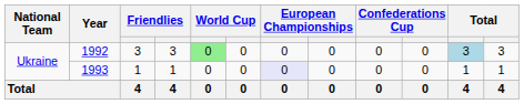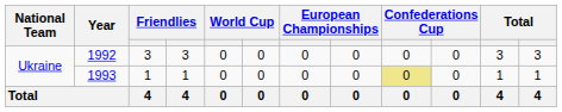 <table class="wikitable">
 <tr>
 <th style="width:80px;" rowspan="2">National<br>Team</th>
 <th style="width:60px;" rowspan="2">Year</th>
 <th style="width:80px;" colspan="2"><a href='#'>Friendlies</a></th>
 <th style="width:80px;" colspan="2"><a href='#'>World Cup</a></th>
 <th style="width:80px;" colspan="2"><a href='#'>European Championships</a></th>
 <th style="width:80px;" colspan="2"><a href='#'>Confederations Cup</a></th>
 <th style="width:80px;" colspan="2">Total</th>
 </tr>
 <tr style="text-align:center;">
 <th style="width:40px;" app></th>
 <th style="width:40px;" abbr="Goals against"></th>
 <th style="width:40px;" app></th>
 <th style="width:40px;" abbr="Goals against"></th>
 <th style="width:40px;" app></th>
 <th style="width:40px;" abbr="Goals against"></th>
 <th style="width:40px;" app></th>
 <th style="width:40px;" abbr="Goals against"></th>
 <th style="width:40px;" app></th>
 <th style="width:40px;" abbr="Goals against"></th>
 </tr>
 <tr style="text-align:center;">
 <td rowspan="2"><a href='#'>Ukraine</a></td>
 <td><a href='#'>1992</a></td>
 <td>3</td>
 <td>3</td>
-<td style="background: lightgreen;">0</td>
 <td>0</td>
 <td>0</td>
 <td>0</td>
 <td>0</td>
 <td>0</td>
-<td style="background: lightblue;">3</td>
+<td>0</td>
+<td>3</td>
 <td>3</td>
 </tr>
 <tr style="text-align:center;">
 <td><a href='#'>1993</a></td>
 <td>1</td>
 <td>1</td>
 <td>0</td>
 <td>0</td>
-<td style="background: lavender;">0</td>
 <td>0</td>
 <td>0</td>
+<td style="background: khaki;">0</td>
 <td>0</td>
 <td>1</td>
 <td>1</td>
 </tr>
 <tr style="text-align:center;">
 <th style="text-align:left;" colspan="2">Total</th>
 <th align=left>4</th>
 <th align=left>4</th>
 <th align=left>0</th>
 <th align=left>0</th>
 <th align=left>0</th>
 <th align=left>0</th>
 <th align=left>0</th>
 <th align=left>0</th>
 <th align=left>4</th>
 <th align=left>4</th>
 </tr>
 </table>
